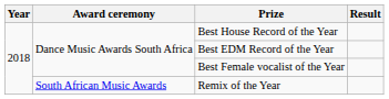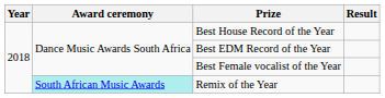 <table class ="wikitable">
 <tr>
 <th>Year</th>
 <th>Award ceremony</th>
 <th>Prize</th>
 <th>Result</th>
 </tr>
 <tr>
 <td rowspan="4">2018</td>
 <td rowspan="3"=>Dance Music Awards South Africa</td>
 <td>Best House Record of the Year</td>
 <td></td>
 </tr>
 <tr>
 <td>Best EDM Record of the Year</td>
 <td></td>
 </tr>
 <tr>
 <td>Best Female vocalist of the Year</td>
 <td></td>
 </tr>
 <tr>
-<td><a href='#'>South African Music Awards</a></td>
+<td style="background: paleturquoise;"><a href='#'>South African Music Awards</a></td>
 <td>Remix of the Year</td>
 <td></td>
 </tr>
 </table>
